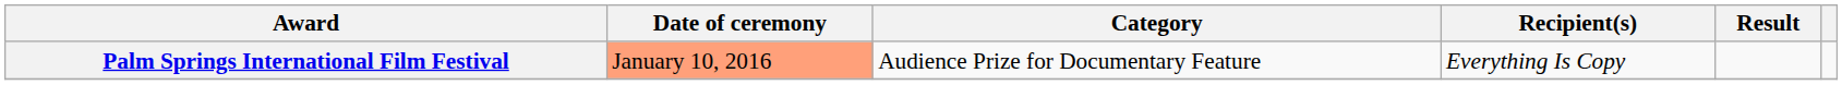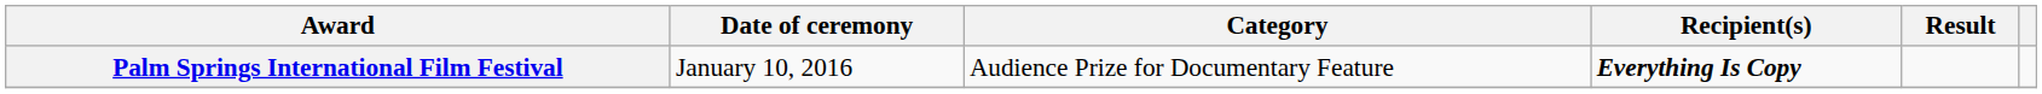 <table class="wikitable plainrowheaders sortable" style="width:100%;">
 <tr>
 <th scope="col">Award</th>
 <th scope="col">Date of ceremony</th>
 <th scope="col">Category</th>
 <th scope="col">Recipient(s)</th>
 <th scope="col">Result</th>
 <th scope="col" class="unsortable"></th>
 </tr>
 <tr>
 <th scope="row"><a href='#'>Palm Springs International Film Festival</a></th>
-<td style="background: lightsalmon;">January 10, 2016</td>
+<td>January 10, 2016</td>
 <td>Audience Prize for Documentary Feature</td>
-<td><em>Everything Is Copy</em></td>
+<td><strong><em>Everything Is Copy</em></strong></td>
 <td></td>
 <td style="text-align:center;"></td>
 </tr>
 <tr>
 </tr>
 </table>
